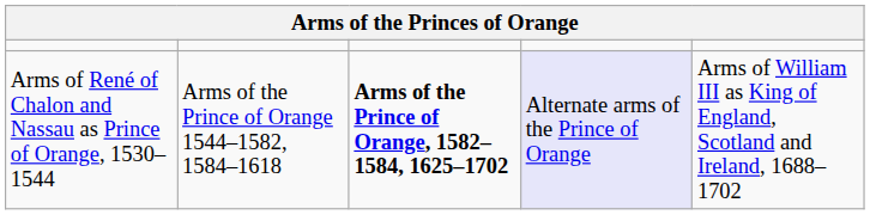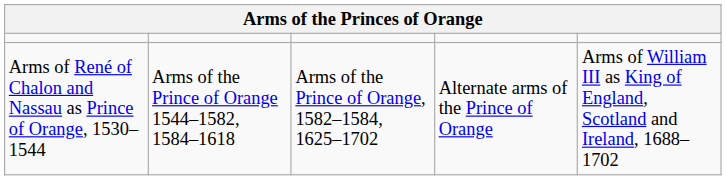 <table class="wikitable" width="100%">
 <tr>
 <th align=center colspan=5>Arms of the Princes of Orange</th>
 </tr>
 <tr>
 <td align=center width="20%"></td>
 <td align=center width="20%"></td>
 <td align=center width="20%"></td>
 <td align=center width="20%"></td>
 <td align=center width="20%"></td>
 </tr>
 <tr>
 <td>Arms of <a href='#'>René of Chalon and Nassau</a> as <a href='#'>Prince of Orange</a>, 1530–1544</td>
 <td>Arms of the <a href='#'>Prince of Orange</a> 1544–1582, 1584–1618</td>
-<td><strong>Arms of the <a href='#'>Prince of Orange</a>, 1582–1584, 1625–1702</strong></td>
-<td style="background: lavender;">Alternate arms of the <a href='#'>Prince of Orange</a></td>
+<td>Arms of the <a href='#'>Prince of Orange</a>, 1582–1584, 1625–1702</td>
+<td>Alternate arms of the <a href='#'>Prince of Orange</a></td>
 <td>Arms of <a href='#'>William III</a> as <a href='#'>King of England</a>, <a href='#'>Scotland</a> and <a href='#'>Ireland</a>, 1688–1702</td>
 </tr>
 </table>
